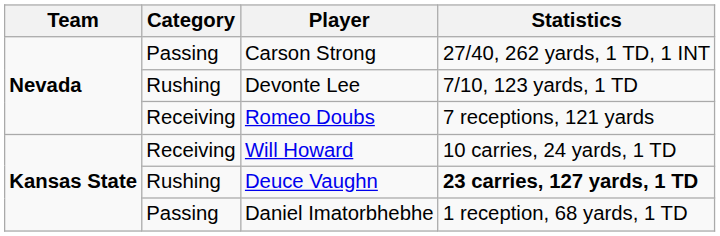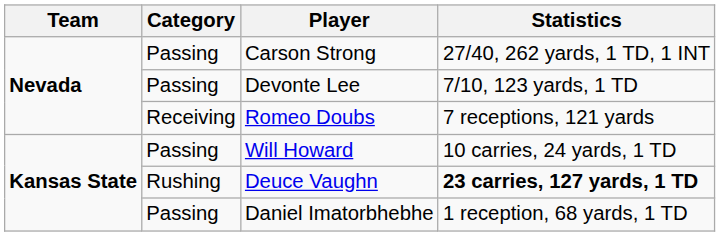 <table class="wikitable" style="float: left;">
 <tr>
 <th>Team</th>
 <th>Category</th>
 <th>Player</th>
 <th>Statistics</th>
 </tr>
 <tr>
 <td rowspan=3><strong>Nevada</strong></td>
 <td>Passing</td>
 <td>Carson Strong</td>
 <td>27/40, 262 yards, 1 TD, 1 INT</td>
 </tr>
 <tr>
-<td>Rushing</td>
+<td>Passing</td>
 <td>Devonte Lee</td>
 <td>7/10, 123 yards, 1 TD</td>
 </tr>
 <tr>
 <td>Receiving</td>
 <td><a href='#'>Romeo Doubs</a></td>
 <td>7 receptions, 121 yards</td>
 </tr>
 <tr>
 <td rowspan=3><strong>Kansas State</strong></td>
-<td>Receiving</td>
+<td>Passing</td>
 <td><a href='#'>Will Howard</a></td>
 <td>10 carries, 24 yards, 1 TD</td>
 </tr>
 <tr>
 <td>Rushing</td>
 <td><a href='#'>Deuce Vaughn</a></td>
 <td><strong>23 carries, 127 yards, 1 TD</strong></td>
 </tr>
 <tr>
 <td>Passing</td>
 <td>Daniel Imatorbhebhe</td>
 <td>1 reception, 68 yards, 1 TD</td>
 </tr>
 </table>
